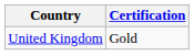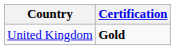 <table class="wikitable">
 <tr>
 <th>Country</th>
 <th><a href='#'>Certification</a></th>
 </tr>
 <tr>
 <td><a href='#'>United Kingdom</a></td>
-<td>Gold</td>
+<td><strong>Gold</strong></td>
 </tr>
 </table>
